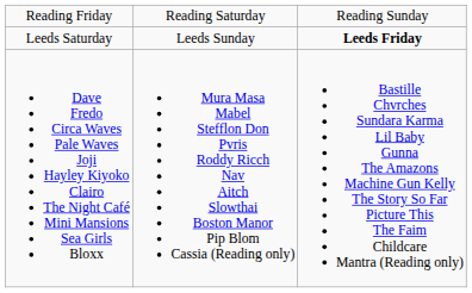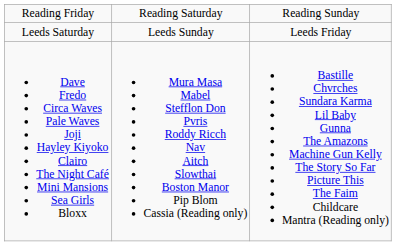 <table class="wikitable" style="text-align:center;">
 <tr>
 <td>Reading Friday</td>
 <td>Reading Saturday</td>
 <td>Reading Sunday</td>
 </tr>
 <tr>
 <td>Leeds Saturday</td>
 <td>Leeds Sunday</td>
-<td><strong>Leeds Friday</strong></td>
+<td>Leeds Friday</td>
 </tr>
 <tr>
 <td><br><ul><li><a href='#'>Dave</a></li><li><a href='#'>Fredo</a></li><li><a href='#'>Circa Waves</a></li><li><a href='#'>Pale Waves</a></li><li><a href='#'>Joji</a></li><li><a href='#'>Hayley Kiyoko</a></li><li><a href='#'>Clairo</a></li><li><a href='#'>The Night Café</a></li><li><a href='#'>Mini Mansions</a></li><li><a href='#'>Sea Girls</a></li><li>Bloxx</li></ul></td>
 <td><br><ul><li><a href='#'>Mura Masa</a></li><li><a href='#'>Mabel</a></li><li><a href='#'>Stefflon Don</a></li><li><a href='#'>Pvris</a></li><li><a href='#'>Roddy Ricch</a></li><li><a href='#'>Nav</a></li><li><a href='#'>Aitch</a></li><li><a href='#'>Slowthai</a></li><li><a href='#'>Boston Manor</a></li><li>Pip Blom</li><li>Cassia (Reading only)</li></ul></td>
 <td><br><ul><li><a href='#'>Bastille</a></li><li><a href='#'>Chvrches</a></li><li><a href='#'>Sundara Karma</a></li><li><a href='#'>Lil Baby</a></li><li><a href='#'>Gunna</a></li><li><a href='#'>The Amazons</a></li><li><a href='#'>Machine Gun Kelly</a></li><li><a href='#'>The Story So Far</a></li><li><a href='#'>Picture This</a></li><li><a href='#'>The Faim</a></li><li>Childcare</li><li>Mantra (Reading only)</li></ul></td>
 </tr>
 </table>
